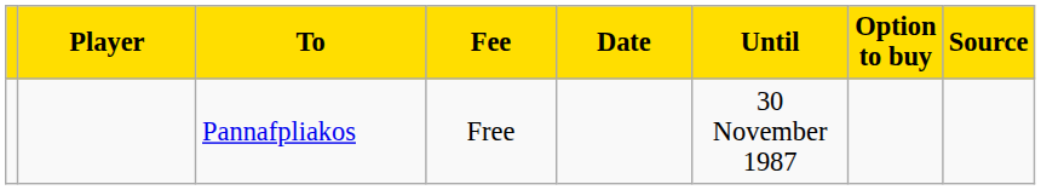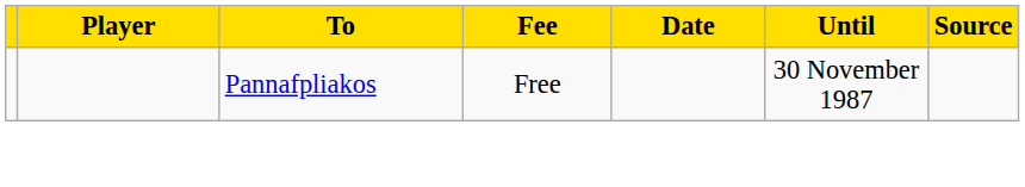 <table class="wikitable sortable">
 <tr>
 <th style="background:#FFDE00"></th>
 <th width=200 style="background:#FFDE00">Player</th>
 <th width=200 style="background:#FFDE00">To</th>
 <th width=150 style="background:#FFDE00">Fee</th>
 <th width=150 style="background:#FFDE00">Date</th>
 <th width=120 style="background:#FFDE00">Until</th>
-<th style="background:#FFDE00">Option to buy</th>
 <th style="background:#FFDE00">Source</th>
 </tr>
 <tr>
 <td align=center></td>
 <td></td>
 <td> <a href='#'>Pannafpliakos</a></td>
 <td align=center>Free</td>
 <td align=center></td>
 <td align=center>30 November 1987</td>
 <td align=center></td>
-<td align=center></td>
 </tr>
 </table>
